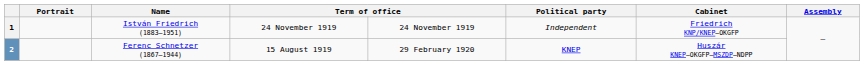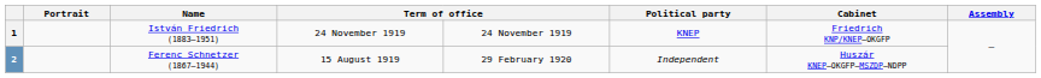 <table class="wikitable" style="width:90%; text-align:center;">
 <tr>
 <th></th>
 <th>Portrait</th>
 <th>Name<br></th>
 <th colspan=2>Term of office</th>
 <th>Political party</th>
 <th>Cabinet</th>
 <th><a href='#'>Assembly</a><br></th>
 </tr>
 <tr>
 <th style="background:">1</th>
 <td></td>
 <td><a href='#'>István Friedrich</a><br><small>(1883–1951)</small></td>
 <td>24 November 1919</td>
 <td>24 November 1919</td>
-<td><em>Independent</em></td>
+<td><a href='#'>KNEP</a></td>
 <td><a href='#'>Friedrich</a><br><small><a href='#'>KNP/KNEP</a>–OKGFP</small></td>
 <td rowspan="2">—</td>
 </tr>
 <tr>
 <th style="background-color:#6091BA; color:white">2</th>
 <td></td>
 <td><a href='#'>Ferenc Schnetzer</a><br><small>(1867–1944)</small></td>
 <td>15 August 1919</td>
 <td>29 February 1920</td>
-<td><a href='#'>KNEP</a></td>
+<td><em>Independent</em></td>
 <td><a href='#'>Huszár</a><br><small><a href='#'>KNEP</a>–OKGFP–<a href='#'>MSZDP</a>–NDPP</small></td>
 </tr>
 </table>
